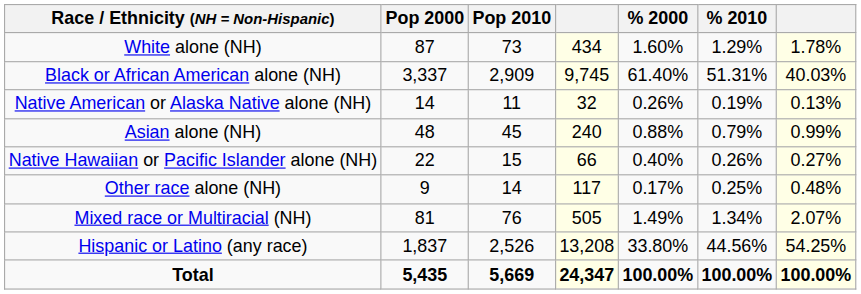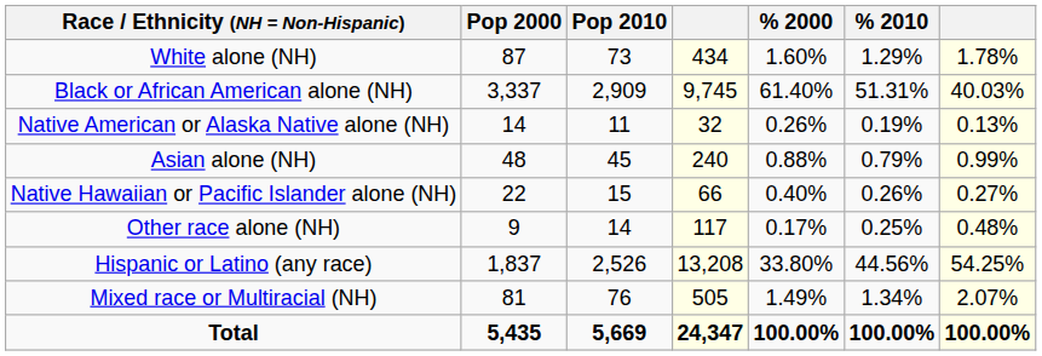 <table class="wikitable" style="text-align:center;">
 <tr>
 <th>Race / Ethnicity <small>(<em>NH = Non-Hispanic</em>)</small></th>
 <th>Pop 2000</th>
 <th>Pop 2010</th>
 <th></th>
 <th>% 2000</th>
 <th>% 2010</th>
 <th></th>
 </tr>
 <tr>
 <td><a href='#'>White</a> alone (NH)</td>
 <td>87</td>
 <td>73</td>
 <td style='background: #ffffe6;'>434</td>
 <td>1.60%</td>
 <td>1.29%</td>
 <td style='background: #ffffe6;'>1.78%</td>
 </tr>
 <tr>
 <td><a href='#'>Black or African American</a> alone (NH)</td>
 <td>3,337</td>
 <td>2,909</td>
 <td style='background: #ffffe6;'>9,745</td>
 <td>61.40%</td>
 <td>51.31%</td>
 <td style='background: #ffffe6;'>40.03%</td>
 </tr>
 <tr>
 <td><a href='#'>Native American</a> or <a href='#'>Alaska Native</a> alone (NH)</td>
 <td>14</td>
 <td>11</td>
 <td style='background: #ffffe6;'>32</td>
 <td>0.26%</td>
 <td>0.19%</td>
 <td style='background: #ffffe6;'>0.13%</td>
 </tr>
 <tr>
 <td><a href='#'>Asian</a> alone (NH)</td>
 <td>48</td>
 <td>45</td>
 <td style='background: #ffffe6;'>240</td>
 <td>0.88%</td>
 <td>0.79%</td>
 <td style='background: #ffffe6;'>0.99%</td>
 </tr>
 <tr>
 <td><a href='#'>Native Hawaiian</a> or <a href='#'>Pacific Islander</a> alone (NH)</td>
 <td>22</td>
 <td>15</td>
 <td style='background: #ffffe6;'>66</td>
 <td>0.40%</td>
 <td>0.26%</td>
 <td style='background: #ffffe6;'>0.27%</td>
 </tr>
 <tr>
 <td><a href='#'>Other race</a> alone (NH)</td>
 <td>9</td>
 <td>14</td>
 <td style='background: #ffffe6;'>117</td>
 <td>0.17%</td>
 <td>0.25%</td>
 <td style='background: #ffffe6;'>0.48%</td>
 </tr>
 <tr>
+<td><a href='#'>Hispanic or Latino</a> (any race)</td>
+<td>1,837</td>
+<td>2,526</td>
+<td style='background: #ffffe6;'>13,208</td>
+<td>33.80%</td>
+<td>44.56%</td>
+<td style='background: #ffffe6;'>54.25%</td>
+</tr>
+<tr>
 <td><a href='#'>Mixed race or Multiracial</a> (NH)</td>
 <td>81</td>
 <td>76</td>
 <td style='background: #ffffe6;'>505</td>
 <td>1.49%</td>
 <td>1.34%</td>
 <td style='background: #ffffe6;'>2.07%</td>
-</tr>
-<tr>
-<td><a href='#'>Hispanic or Latino</a> (any race)</td>
-<td>1,837</td>
-<td>2,526</td>
-<td style='background: #ffffe6;'>13,208</td>
-<td>33.80%</td>
-<td>44.56%</td>
-<td style='background: #ffffe6;'>54.25%</td>
 </tr>
 <tr>
 <td><strong>Total</strong></td>
 <td><strong>5,435</strong></td>
 <td><strong>5,669</strong></td>
 <td style='background: #ffffe6;'><strong>24,347</strong></td>
 <td><strong>100.00%</strong></td>
 <td><strong>100.00%</strong></td>
 <td style='background: #ffffe6;'><strong>100.00%</strong></td>
 </tr>
 </table>
